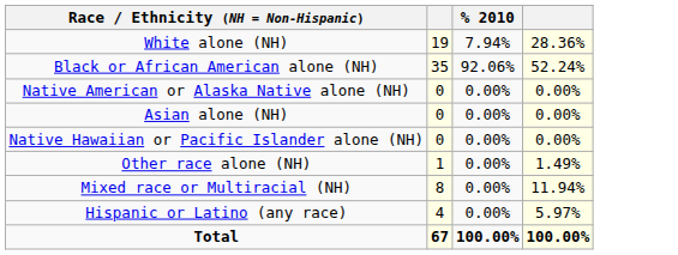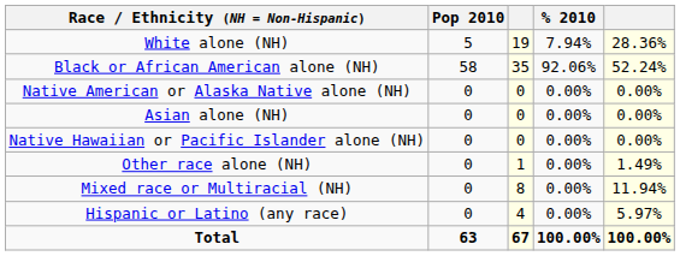 <table class="wikitable" style="text-align:center;">
 <tr>
 <th>Race / Ethnicity <small>(<em>NH = Non-Hispanic</em>)</small></th>
+<th>Pop 2010</th>
 <th></th>
 <th>% 2010</th>
 <th></th>
 </tr>
 <tr>
 <td><a href='#'>White</a> alone (NH)</td>
+<td>5</td>
 <td style='background: #ffffe6;'>19</td>
 <td>7.94%</td>
 <td style='background: #ffffe6;'>28.36%</td>
 </tr>
 <tr>
 <td><a href='#'>Black or African American</a> alone (NH)</td>
+<td>58</td>
 <td style='background: #ffffe6;'>35</td>
 <td>92.06%</td>
 <td style='background: #ffffe6;'>52.24%</td>
 </tr>
 <tr>
 <td><a href='#'>Native American</a> or <a href='#'>Alaska Native</a> alone (NH)</td>
+<td>0</td>
 <td style='background: #ffffe6;'>0</td>
 <td>0.00%</td>
 <td style='background: #ffffe6;'>0.00%</td>
 </tr>
 <tr>
 <td><a href='#'>Asian</a> alone (NH)</td>
+<td>0</td>
 <td style='background: #ffffe6;'>0</td>
 <td>0.00%</td>
 <td style='background: #ffffe6;'>0.00%</td>
 </tr>
 <tr>
 <td><a href='#'>Native Hawaiian</a> or <a href='#'>Pacific Islander</a> alone (NH)</td>
+<td>0</td>
 <td style='background: #ffffe6;'>0</td>
 <td>0.00%</td>
 <td style='background: #ffffe6;'>0.00%</td>
 </tr>
 <tr>
 <td><a href='#'>Other race</a> alone (NH)</td>
+<td>0</td>
 <td style='background: #ffffe6;'>1</td>
 <td>0.00%</td>
 <td style='background: #ffffe6;'>1.49%</td>
 </tr>
 <tr>
 <td><a href='#'>Mixed race or Multiracial</a> (NH)</td>
+<td>0</td>
 <td style='background: #ffffe6;'>8</td>
 <td>0.00%</td>
 <td style='background: #ffffe6;'>11.94%</td>
 </tr>
 <tr>
 <td><a href='#'>Hispanic or Latino</a> (any race)</td>
+<td>0</td>
 <td style='background: #ffffe6;'>4</td>
 <td>0.00%</td>
 <td style='background: #ffffe6;'>5.97%</td>
 </tr>
 <tr>
 <td><strong>Total</strong></td>
+<td><strong>63</strong></td>
 <td style='background: #ffffe6;'><strong>67</strong></td>
 <td><strong>100.00%</strong></td>
 <td style='background: #ffffe6;'><strong>100.00%</strong></td>
 </tr>
 </table>
